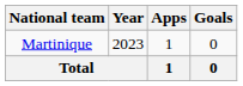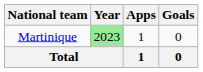 <table class="wikitable" style="text-align:center">
 <tr>
 <th>National team</th>
 <th>Year</th>
 <th>Apps</th>
 <th>Goals</th>
 </tr>
 <tr>
 <td rowspan="1"><a href='#'>Martinique</a></td>
-<td>2023</td>
+<td style="background: lightgreen;">2023</td>
 <td>1</td>
 <td>0</td>
 </tr>
 <tr>
 <th colspan=2>Total</th>
 <th>1</th>
 <th>0</th>
 </tr>
 </table>
